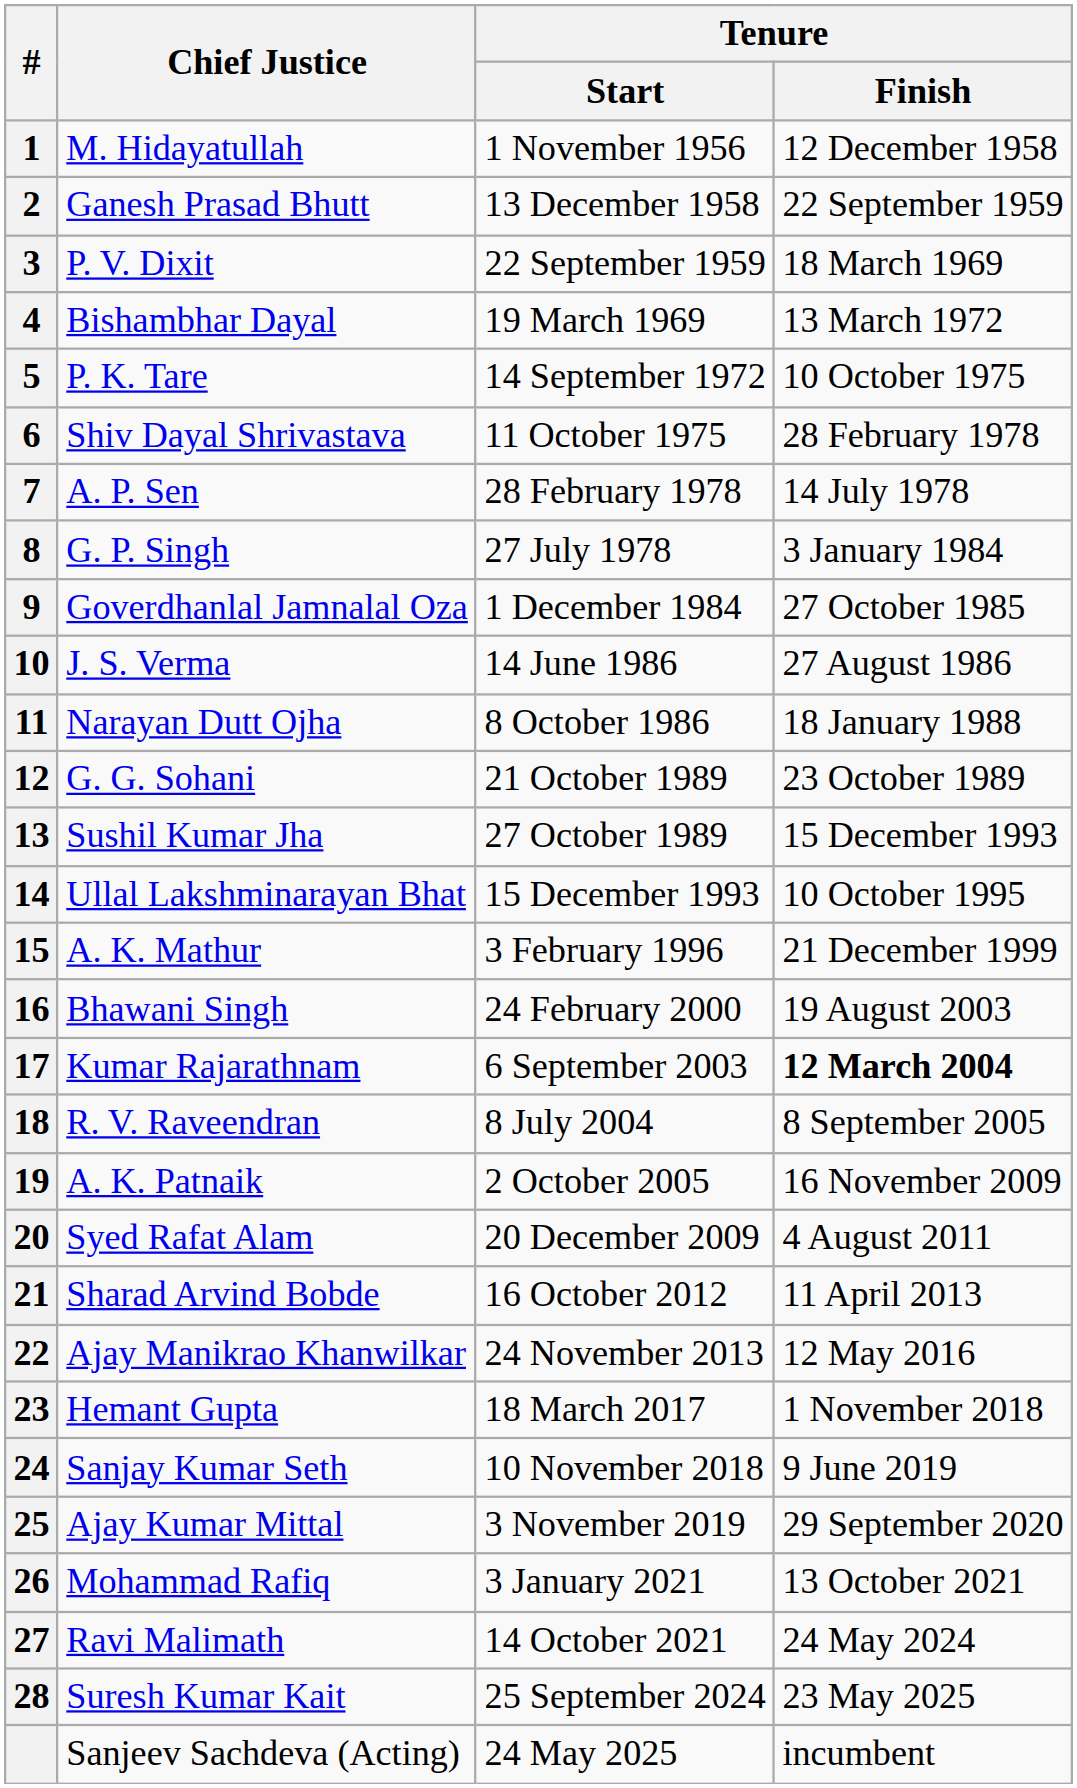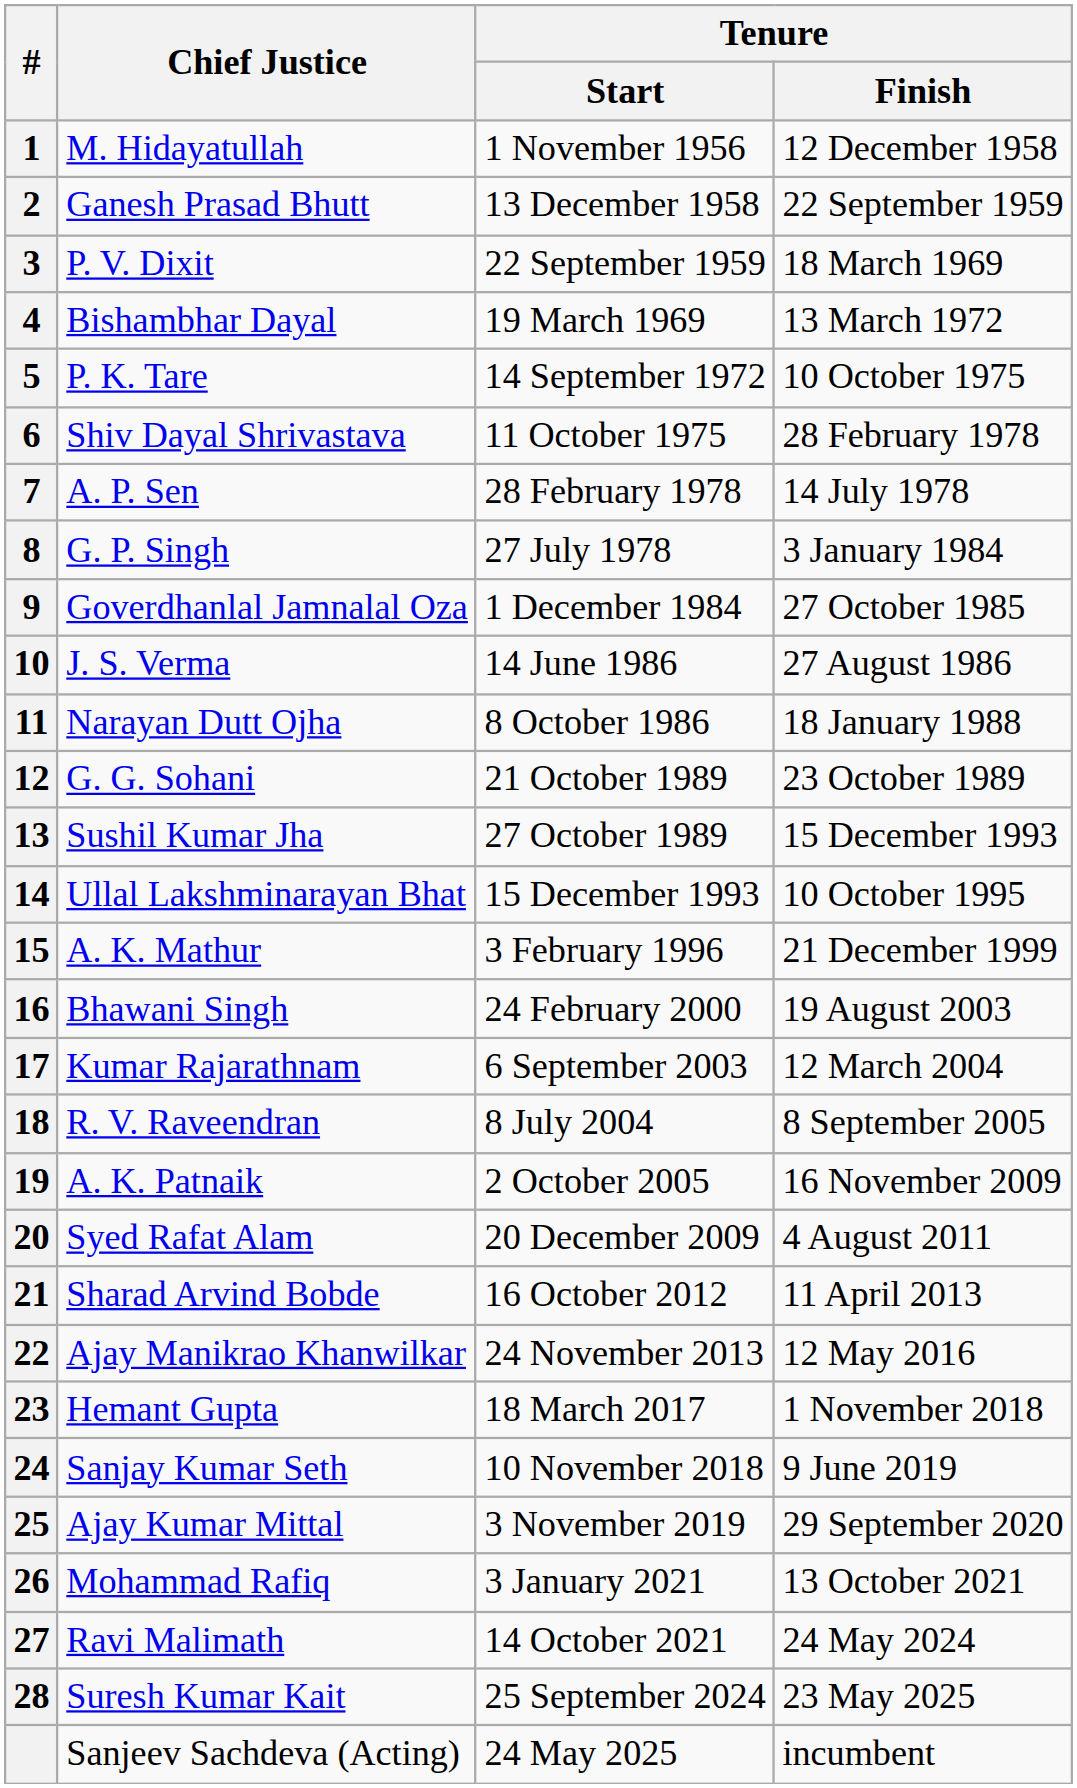 <table class="wikitable sortable">
 <tr>
 <th rowspan="2">#</th>
 <th rowspan="2">Chief Justice</th>
 <th colspan="2">Tenure</th>
 </tr>
 <tr>
 <th>Start</th>
 <th>Finish</th>
 </tr>
 <tr>
 <th>1</th>
 <td><a href='#'>M. Hidayatullah</a></td>
 <td>1 November 1956</td>
 <td>12 December 1958</td>
 </tr>
 <tr>
 <th>2</th>
 <td><a href='#'>Ganesh Prasad Bhutt</a></td>
 <td>13 December 1958</td>
 <td>22 September 1959</td>
 </tr>
 <tr>
 <th>3</th>
 <td><a href='#'>P. V. Dixit</a></td>
 <td>22 September 1959</td>
 <td>18 March 1969</td>
 </tr>
 <tr>
 <th>4</th>
 <td><a href='#'>Bishambhar Dayal</a></td>
 <td>19 March 1969</td>
 <td>13 March 1972</td>
 </tr>
 <tr>
 <th>5</th>
 <td><a href='#'>P. K. Tare</a></td>
 <td>14 September 1972</td>
 <td>10 October 1975</td>
 </tr>
 <tr>
 <th>6</th>
 <td><a href='#'>Shiv Dayal Shrivastava</a></td>
 <td>11 October 1975</td>
 <td>28 February 1978</td>
 </tr>
 <tr>
 <th>7</th>
 <td><a href='#'>A. P. Sen</a></td>
 <td>28 February 1978</td>
 <td>14 July 1978</td>
 </tr>
 <tr>
 <th>8</th>
 <td><a href='#'>G. P. Singh</a></td>
 <td>27 July 1978</td>
 <td>3 January 1984</td>
 </tr>
 <tr>
 <th>9</th>
 <td><a href='#'>Goverdhanlal Jamnalal Oza</a></td>
 <td>1 December 1984</td>
 <td>27 October 1985</td>
 </tr>
 <tr>
 <th>10</th>
 <td><a href='#'>J. S. Verma</a></td>
 <td>14 June 1986</td>
 <td>27 August 1986</td>
 </tr>
 <tr>
 <th>11</th>
 <td><a href='#'>Narayan Dutt Ojha</a></td>
 <td>8 October 1986</td>
 <td>18 January 1988</td>
 </tr>
 <tr>
 <th>12</th>
 <td><a href='#'>G. G. Sohani</a></td>
 <td>21 October 1989</td>
 <td>23 October 1989</td>
 </tr>
 <tr>
 <th>13</th>
 <td><a href='#'>Sushil Kumar Jha</a></td>
 <td>27 October 1989</td>
 <td>15 December 1993</td>
 </tr>
 <tr>
 <th>14</th>
 <td><a href='#'>Ullal Lakshminarayan Bhat</a></td>
 <td>15 December 1993</td>
 <td>10 October 1995</td>
 </tr>
 <tr>
 <th>15</th>
 <td><a href='#'>A. K. Mathur</a></td>
 <td>3 February 1996</td>
 <td>21 December 1999</td>
 </tr>
 <tr>
 <th>16</th>
 <td><a href='#'>Bhawani Singh</a></td>
 <td>24 February 2000</td>
 <td>19 August 2003</td>
 </tr>
 <tr>
 <th>17</th>
 <td><a href='#'>Kumar Rajarathnam</a></td>
 <td>6 September 2003</td>
-<td><strong>12 March 2004</strong></td>
+<td>12 March 2004</td>
 </tr>
 <tr>
 <th>18</th>
 <td><a href='#'>R. V. Raveendran</a></td>
 <td>8 July 2004</td>
 <td>8 September 2005</td>
 </tr>
 <tr>
 <th>19</th>
 <td><a href='#'>A. K. Patnaik</a></td>
 <td>2 October 2005</td>
 <td>16 November 2009</td>
 </tr>
 <tr>
 <th>20</th>
 <td><a href='#'>Syed Rafat Alam</a></td>
 <td>20 December 2009</td>
 <td>4 August 2011</td>
 </tr>
 <tr>
 <th>21</th>
 <td><a href='#'>Sharad Arvind Bobde</a></td>
 <td>16 October 2012</td>
 <td>11 April 2013</td>
 </tr>
 <tr>
 <th>22</th>
 <td><a href='#'>Ajay Manikrao Khanwilkar</a></td>
 <td>24 November 2013</td>
 <td>12 May 2016</td>
 </tr>
 <tr>
 <th>23</th>
 <td><a href='#'>Hemant Gupta</a></td>
 <td>18 March 2017</td>
 <td>1 November 2018</td>
 </tr>
 <tr>
 <th>24</th>
 <td><a href='#'>Sanjay Kumar Seth</a></td>
 <td>10 November 2018</td>
 <td>9 June 2019</td>
 </tr>
 <tr>
 <th>25</th>
 <td><a href='#'>Ajay Kumar Mittal</a></td>
 <td>3 November 2019</td>
 <td>29 September 2020</td>
 </tr>
 <tr>
 <th>26</th>
 <td><a href='#'>Mohammad Rafiq</a></td>
 <td>3 January 2021</td>
 <td>13 October 2021</td>
 </tr>
 <tr>
 <th>27</th>
 <td><a href='#'>Ravi Malimath</a></td>
 <td>14 October 2021</td>
 <td>24 May 2024</td>
 </tr>
 <tr>
 <th>28</th>
 <td><a href='#'>Suresh Kumar Kait</a></td>
 <td>25 September 2024</td>
 <td>23 May 2025</td>
 </tr>
 <tr>
 <th></th>
 <td>Sanjeev Sachdeva (Acting)</td>
 <td>24 May 2025</td>
 <td>incumbent</td>
 </tr>
 </table>
